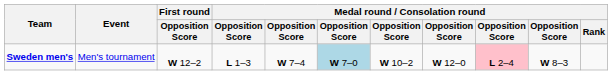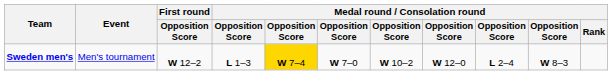 <table class="wikitable" style="font-size:90%">
 <tr>
 <th rowspan=2>Team</th>
 <th rowspan=2>Event</th>
 <th>First round</th>
 <th colspan=8>Medal round / Consolation round</th>
 </tr>
 <tr style="font-size:95%">
 <th>Opposition<br>Score</th>
 <th>Opposition<br>Score</th>
 <th>Opposition<br>Score</th>
 <th>Opposition<br>Score</th>
 <th>Opposition<br>Score</th>
 <th>Opposition<br>Score</th>
 <th>Opposition<br>Score</th>
 <th>Opposition<br>Score</th>
 <th>Rank</th>
 </tr>
 <tr align=center>
 <td align=left><strong><a href='#'>Sweden men's</a></strong></td>
 <td align=left><a href='#'>Men's tournament</a></td>
 <td><br><strong>W</strong> 12–2</td>
 <td><br><strong>L</strong> 1–3</td>
-<td><br><strong>W</strong> 7–4</td>
-<td style="background: lightblue;"><br><strong>W</strong> 7–0</td>
+<td style="background: gold;"><br><strong>W</strong> 7–4</td>
+<td><br><strong>W</strong> 7–0</td>
 <td><br><strong>W</strong> 10–2</td>
 <td><br><strong>W</strong> 12–0</td>
-<td style="background: pink;"><br><strong>L</strong> 2–4</td>
+<td><br><strong>L</strong> 2–4</td>
 <td><br><strong>W</strong> 8–3</td>
 <td></td>
 </tr>
 </table>
